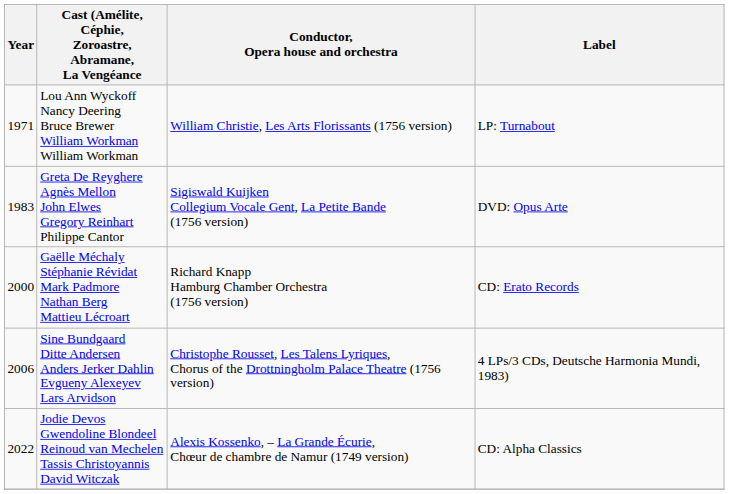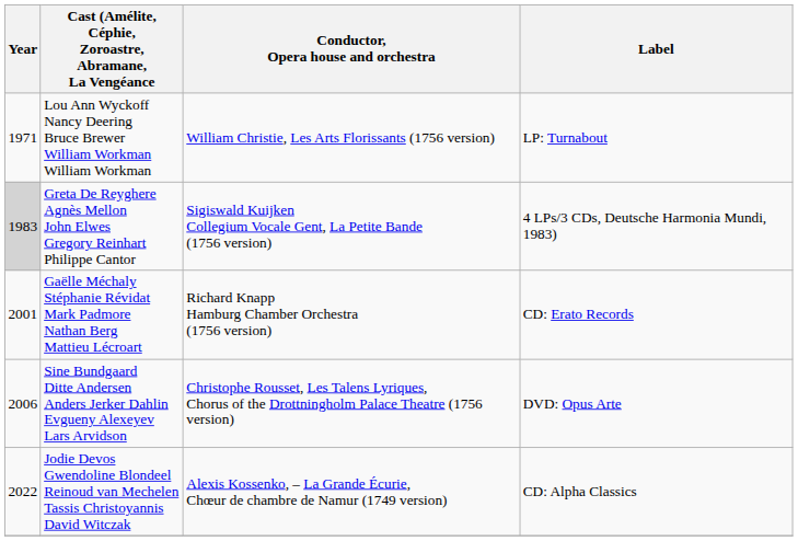 <table class="wikitable">
 <tr>
 <th>Year</th>
 <th>Cast (Amélite, Céphie,<br>Zoroastre, Abramane,<br>La Vengéance</th>
 <th>Conductor,<br>Opera house and orchestra</th>
 <th>Label</th>
 </tr>
 <tr>
 <td>1971</td>
 <td>Lou Ann Wyckoff<br>Nancy Deering<br>Bruce Brewer<br><a href='#'>William Workman</a><br>William Workman</td>
 <td><a href='#'>William Christie</a>, <a href='#'>Les Arts Florissants</a> (1756 version)</td>
 <td>LP: <a href='#'>Turnabout</a></td>
 </tr>
 <tr>
-<td>1983</td>
+<td style="background: lightgrey;">1983</td>
 <td><a href='#'>Greta De Reyghere</a><br><a href='#'>Agnès Mellon</a><br><a href='#'>John Elwes</a><br><a href='#'>Gregory Reinhart</a><br>Philippe Cantor</td>
 <td><a href='#'>Sigiswald Kuijken</a><br><a href='#'>Collegium Vocale Gent</a>, <a href='#'>La Petite Bande</a><br>(1756 version)</td>
-<td>DVD: <a href='#'>Opus Arte</a></td>
+<td>4 LPs/3 CDs, Deutsche Harmonia Mundi, 1983)</td>
 </tr>
 <tr>
-<td>2000</td>
+<td>2001</td>
 <td><a href='#'>Gaëlle Méchaly</a><br><a href='#'>Stéphanie Révidat</a><br><a href='#'>Mark Padmore</a><br><a href='#'>Nathan Berg</a><br><a href='#'>Mattieu Lécroart</a></td>
 <td>Richard Knapp<br>Hamburg Chamber Orchestra<br>(1756 version)</td>
 <td>CD: <a href='#'>Erato Records</a></td>
 </tr>
 <tr>
 <td>2006</td>
 <td><a href='#'>Sine Bundgaard</a><br><a href='#'>Ditte Andersen</a><br><a href='#'>Anders Jerker Dahlin</a><br><a href='#'>Evgueny Alexeyev</a><br><a href='#'>Lars Arvidson</a></td>
 <td><a href='#'>Christophe Rousset</a>, <a href='#'>Les Talens Lyriques</a>,<br>Chorus of the <a href='#'>Drottningholm Palace Theatre</a> (1756 version)</td>
-<td>4 LPs/3 CDs, Deutsche Harmonia Mundi, 1983)</td>
+<td>DVD: <a href='#'>Opus Arte</a></td>
 </tr>
 <tr>
 <td>2022</td>
 <td><a href='#'>Jodie Devos</a><br><a href='#'>Gwendoline Blondeel</a><br><a href='#'>Reinoud van Mechelen</a><br><a href='#'>Tassis Christoyannis</a><br><a href='#'>David Witczak</a></td>
 <td><a href='#'>Alexis Kossenko</a>,  – <a href='#'>La Grande Écurie</a>,<br>Chœur de chambre de Namur (1749 version)</td>
 <td>CD: Alpha Classics</td>
 </tr>
 <tr>
 </tr>
 </table>
